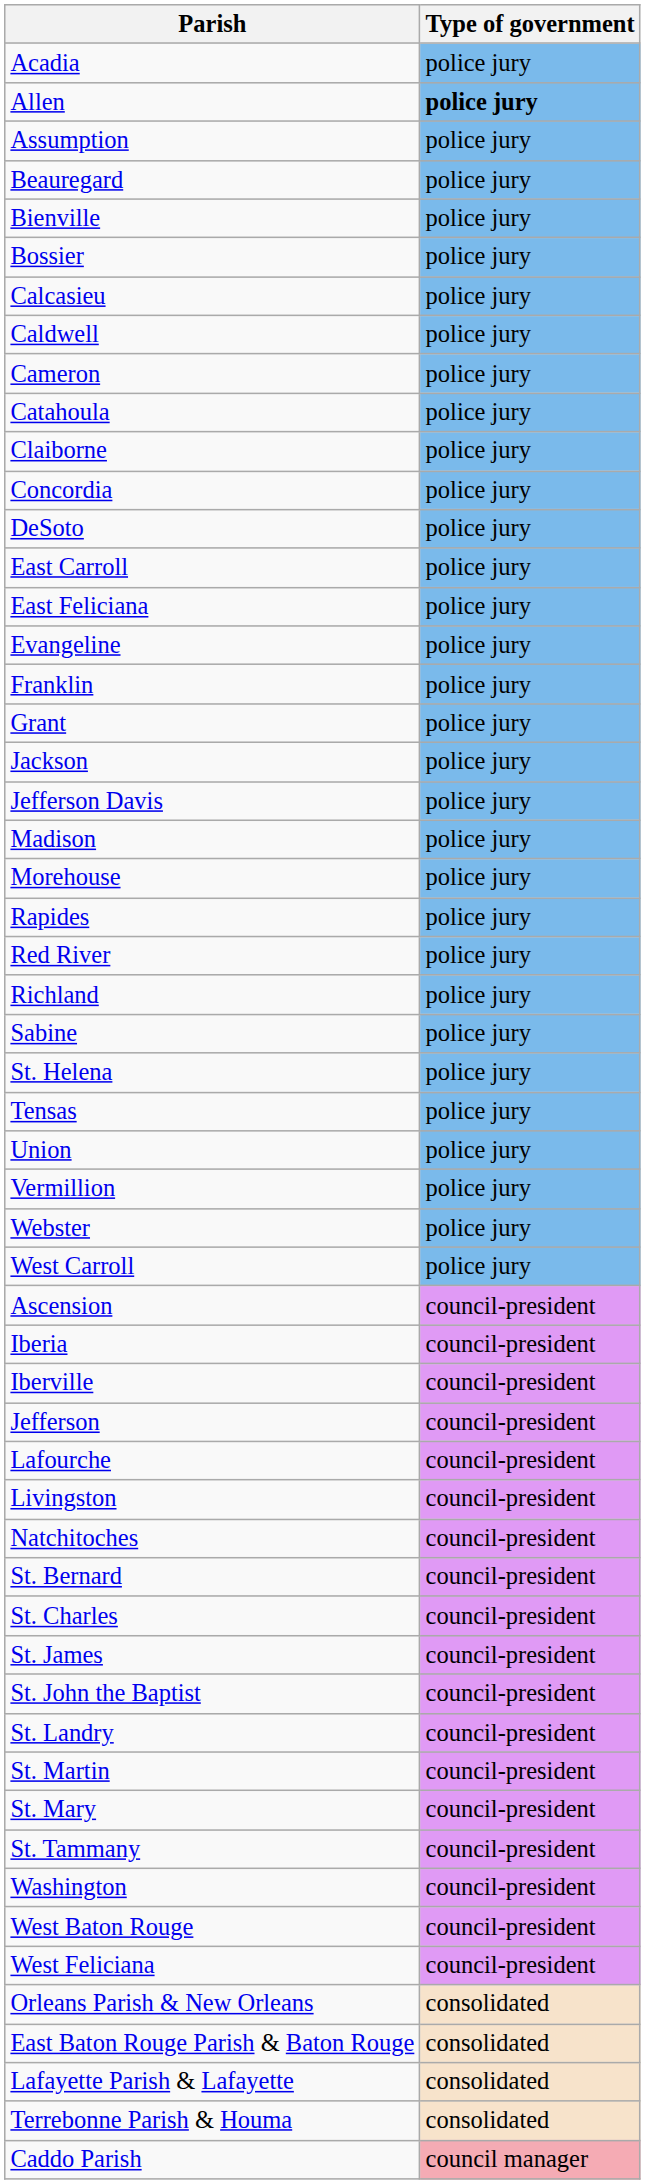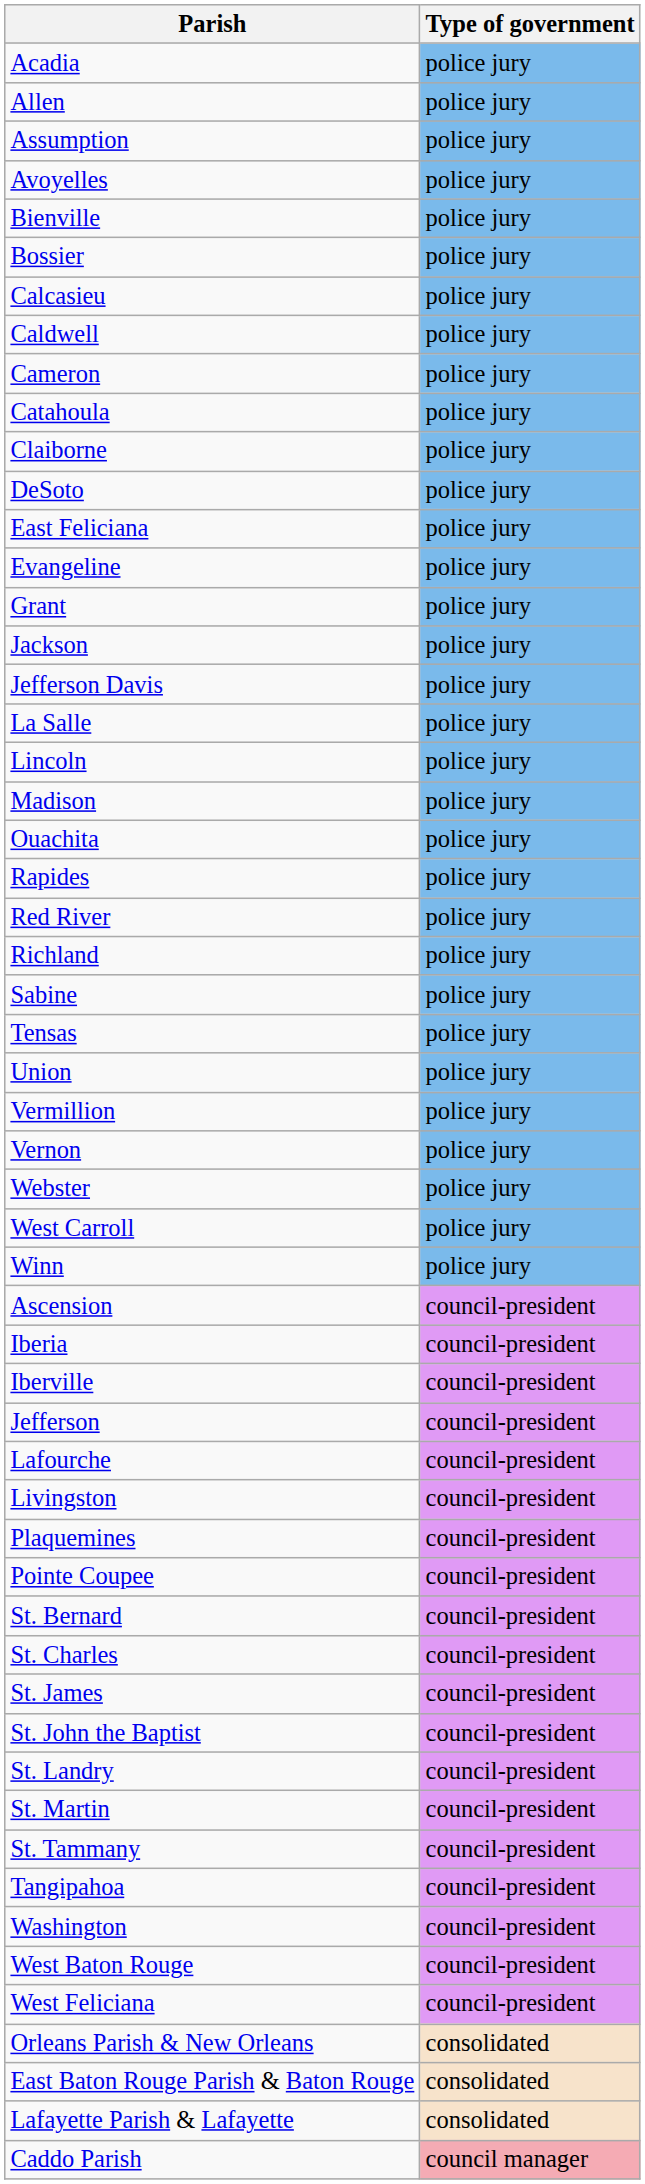 <table class="wikitable sortable">
 <tr>
 <th scope="col">Parish</th>
 <th scope="col">Type of government</th>
 </tr>
 <tr>
 <td><a href='#'>Acadia</a></td>
 <td style="background: #7abaeb;">police jury</td>
 </tr>
 <tr>
 <td><a href='#'>Allen</a></td>
-<td style="background: #7abaeb;"><strong>police jury</strong></td>
+<td style="background: #7abaeb;">police jury</td>
 </tr>
 <tr>
 <td><a href='#'>Assumption</a></td>
 <td style="background: #7abaeb;">police jury</td>
 </tr>
 <tr>
-<td><a href='#'>Beauregard</a></td>
+<td><a href='#'>Avoyelles</a></td>
 <td style="background: #7abaeb;">police jury</td>
 </tr>
 <tr>
 <td><a href='#'>Bienville</a></td>
 <td style="background: #7abaeb;">police jury</td>
 </tr>
 <tr>
 <td><a href='#'>Bossier</a></td>
 <td style="background: #7abaeb;">police jury</td>
 </tr>
 <tr>
 <td><a href='#'>Calcasieu</a></td>
 <td style="background: #7abaeb;">police jury</td>
 </tr>
 <tr>
 <td><a href='#'>Caldwell</a></td>
 <td style="background: #7abaeb;">police jury</td>
 </tr>
 <tr>
 <td><a href='#'>Cameron</a></td>
 <td style="background: #7abaeb;">police jury</td>
 </tr>
 <tr>
 <td><a href='#'>Catahoula</a></td>
 <td style="background: #7abaeb;">police jury</td>
 </tr>
 <tr>
 <td><a href='#'>Claiborne</a></td>
 <td style="background: #7abaeb;">police jury</td>
 </tr>
 <tr>
-<td><a href='#'>Concordia</a></td>
-<td style="background: #7abaeb;">police jury</td>
-</tr>
-<tr>
 <td><a href='#'>DeSoto</a></td>
-<td style="background: #7abaeb;">police jury</td>
-</tr>
-<tr>
-<td><a href='#'>East Carroll</a></td>
 <td style="background: #7abaeb;">police jury</td>
 </tr>
 <tr>
 <td><a href='#'>East Feliciana</a></td>
 <td style="background: #7abaeb;">police jury</td>
 </tr>
 <tr>
 <td><a href='#'>Evangeline</a></td>
-<td style="background: #7abaeb;">police jury</td>
-</tr>
-<tr>
-<td><a href='#'>Franklin</a></td>
 <td style="background: #7abaeb;">police jury</td>
 </tr>
 <tr>
 <td><a href='#'>Grant</a></td>
 <td style="background: #7abaeb;">police jury</td>
 </tr>
 <tr>
 <td><a href='#'>Jackson</a></td>
 <td style="background: #7abaeb;">police jury</td>
 </tr>
 <tr>
 <td><a href='#'>Jefferson Davis</a></td>
 <td style="background: #7abaeb;">police jury</td>
 </tr>
 <tr>
+<td><a href='#'>La Salle</a></td>
+<td style="background: #7abaeb;">police jury</td>
+</tr>
+<tr>
+<td><a href='#'>Lincoln</a></td>
+<td style="background: #7abaeb;">police jury</td>
+</tr>
+<tr>
 <td><a href='#'>Madison</a></td>
 <td style="background: #7abaeb;">police jury</td>
 </tr>
 <tr>
-<td><a href='#'>Morehouse</a></td>
+<td><a href='#'>Ouachita</a></td>
 <td style="background: #7abaeb;">police jury</td>
 </tr>
 <tr>
 <td><a href='#'>Rapides</a></td>
 <td style="background: #7abaeb;">police jury</td>
 </tr>
 <tr>
 <td><a href='#'>Red River</a></td>
 <td style="background: #7abaeb;">police jury</td>
 </tr>
 <tr>
 <td><a href='#'>Richland</a></td>
 <td style="background: #7abaeb;">police jury</td>
 </tr>
 <tr>
 <td><a href='#'>Sabine</a></td>
 <td style="background: #7abaeb;">police jury</td>
 </tr>
 <tr>
-<td><a href='#'>St. Helena</a></td>
-<td style="background: #7abaeb;">police jury</td>
-</tr>
-<tr>
 <td><a href='#'>Tensas</a></td>
 <td style="background: #7abaeb;">police jury</td>
 </tr>
 <tr>
 <td><a href='#'>Union</a></td>
 <td style="background: #7abaeb;">police jury</td>
 </tr>
 <tr>
 <td><a href='#'>Vermillion</a></td>
 <td style="background: #7abaeb;">police jury</td>
 </tr>
 <tr>
+<td><a href='#'>Vernon</a></td>
+<td style="background: #7abaeb;">police jury</td>
+</tr>
+<tr>
 <td><a href='#'>Webster</a></td>
 <td style="background: #7abaeb;">police jury</td>
 </tr>
 <tr>
 <td><a href='#'>West Carroll</a></td>
+<td style="background: #7abaeb;">police jury</td>
+</tr>
+<tr>
+<td><a href='#'>Winn</a></td>
 <td style="background: #7abaeb;">police jury</td>
 </tr>
 <tr>
 <td><a href='#'>Ascension</a></td>
 <td style="background: #e09af5;">council-president</td>
 </tr>
 <tr>
 <td><a href='#'>Iberia</a></td>
 <td style="background: #e09af5;">council-president</td>
 </tr>
 <tr>
 <td><a href='#'>Iberville</a></td>
 <td style="background: #e09af5;">council-president</td>
 </tr>
 <tr>
 <td><a href='#'>Jefferson</a></td>
 <td style="background: #e09af5;">council-president</td>
 </tr>
 <tr>
 <td><a href='#'>Lafourche</a></td>
 <td style="background: #e09af5;">council-president</td>
 </tr>
 <tr>
 <td><a href='#'>Livingston</a></td>
 <td style="background: #e09af5;">council-president</td>
 </tr>
 <tr>
-<td><a href='#'>Natchitoches</a></td>
+<td><a href='#'>Plaquemines</a></td>
+<td style="background: #e09af5;">council-president</td>
+</tr>
+<tr>
+<td><a href='#'>Pointe Coupee</a></td>
 <td style="background: #e09af5;">council-president</td>
 </tr>
 <tr>
 <td><a href='#'>St. Bernard</a></td>
 <td style="background: #e09af5;">council-president</td>
 </tr>
 <tr>
 <td><a href='#'>St. Charles</a></td>
 <td style="background: #e09af5;">council-president</td>
 </tr>
 <tr>
 <td><a href='#'>St. James</a></td>
 <td style="background: #e09af5;">council-president</td>
 </tr>
 <tr>
 <td><a href='#'>St. John the Baptist</a></td>
 <td style="background: #e09af5;">council-president</td>
 </tr>
 <tr>
 <td><a href='#'>St. Landry</a></td>
 <td style="background: #e09af5;">council-president</td>
 </tr>
 <tr>
 <td><a href='#'>St. Martin</a></td>
 <td style="background: #e09af5;">council-president</td>
 </tr>
 <tr>
-<td><a href='#'>St. Mary</a></td>
+<td><a href='#'>St. Tammany</a></td>
 <td style="background: #e09af5;">council-president</td>
 </tr>
 <tr>
-<td><a href='#'>St. Tammany</a></td>
+<td><a href='#'>Tangipahoa</a></td>
 <td style="background: #e09af5;">council-president</td>
 </tr>
 <tr>
 <td><a href='#'>Washington</a></td>
 <td style="background: #e09af5;">council-president</td>
 </tr>
 <tr>
 <td><a href='#'>West Baton Rouge</a></td>
 <td style="background: #e09af5;">council-president</td>
 </tr>
 <tr>
 <td><a href='#'>West Feliciana</a></td>
 <td style="background: #e09af5;">council-president</td>
 </tr>
 <tr>
 <td><a href='#'>Orleans Parish & New Orleans</a></td>
 <td style="background: #f7e3cb;">consolidated</td>
 </tr>
 <tr>
 <td><a href='#'>East Baton Rouge Parish</a> & <a href='#'>Baton Rouge</a></td>
 <td style="background: #f7e3cb;">consolidated</td>
 </tr>
 <tr>
 <td><a href='#'>Lafayette Parish</a> & <a href='#'>Lafayette</a></td>
 <td style="background: #f7e3cb;">consolidated</td>
 </tr>
 <tr>
-<td><a href='#'>Terrebonne Parish</a> & <a href='#'>Houma</a></td>
-<td style="background: #f7e3cb;">consolidated</td>
-</tr>
-<tr>
 <td><a href='#'>Caddo Parish</a></td>
 <td style="background: #f5abb4;">council manager</td>
 </tr>
 </table>
